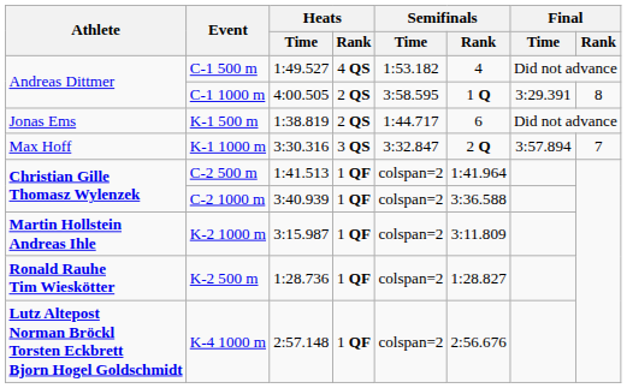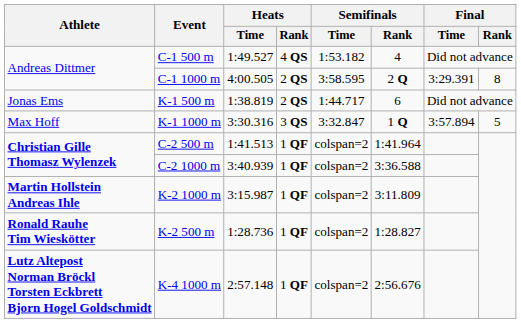 <table class="wikitable" style="font-size:90%">
 <tr>
 <th rowspan=2>Athlete</th>
 <th rowspan=2>Event</th>
 <th colspan=2>Heats</th>
 <th colspan=2>Semifinals</th>
 <th colspan=2>Final</th>
 </tr>
 <tr style="font-size:95%">
 <th>Time</th>
 <th>Rank</th>
 <th>Time</th>
 <th>Rank</th>
 <th>Time</th>
 <th>Rank</th>
 </tr>
 <tr align=center>
 <td align=left rowspan=2><a href='#'>Andreas Dittmer</a></td>
 <td align=left><a href='#'>C-1 500 m</a></td>
 <td>1:49.527</td>
 <td>4 <strong>QS</strong></td>
 <td>1:53.182</td>
 <td>4</td>
 <td colspan=2>Did not advance</td>
 </tr>
 <tr align=center>
 <td align=left><a href='#'>C-1 1000 m</a></td>
 <td>4:00.505</td>
 <td>2 <strong>QS</strong></td>
 <td>3:58.595</td>
-<td>1 <strong>Q</strong></td>
+<td>2 <strong>Q</strong></td>
 <td>3:29.391</td>
 <td>8</td>
 </tr>
 <tr align=center>
 <td align=left><a href='#'>Jonas Ems</a></td>
 <td align=left><a href='#'>K-1 500 m</a></td>
 <td>1:38.819</td>
 <td>2 <strong>QS</strong></td>
 <td>1:44.717</td>
 <td>6</td>
 <td colspan=2>Did not advance</td>
 </tr>
 <tr align=center>
 <td align=left><a href='#'>Max Hoff</a></td>
 <td align=left><a href='#'>K-1 1000 m</a></td>
 <td>3:30.316</td>
 <td>3 <strong>QS</strong></td>
 <td>3:32.847</td>
-<td>2 <strong>Q</strong></td>
+<td>1 <strong>Q</strong></td>
 <td>3:57.894</td>
-<td>7</td>
+<td>5</td>
 </tr>
 <tr align=center>
 <td align=left rowspan=2><strong><a href='#'>Christian Gille</a><br><a href='#'>Thomasz Wylenzek</a></strong></td>
 <td align=left><a href='#'>C-2 500 m</a></td>
 <td>1:41.513</td>
 <td>1 <strong>QF</strong></td>
 <td>colspan=2 </td>
 <td>1:41.964</td>
 <td></td>
 </tr>
 <tr align=center>
 <td align=left><a href='#'>C-2 1000 m</a></td>
 <td>3:40.939</td>
 <td>1 <strong>QF</strong></td>
 <td>colspan=2 </td>
 <td>3:36.588</td>
 <td></td>
 </tr>
 <tr align=center>
 <td align=left><strong><a href='#'>Martin Hollstein</a><br><a href='#'>Andreas Ihle</a></strong></td>
 <td align=left><a href='#'>K-2 1000 m</a></td>
 <td>3:15.987</td>
 <td>1 <strong>QF</strong></td>
 <td>colspan=2 </td>
 <td>3:11.809</td>
 <td></td>
 </tr>
 <tr align=center>
 <td align=left><strong><a href='#'>Ronald Rauhe</a><br><a href='#'>Tim Wieskötter</a></strong></td>
 <td align=left><a href='#'>K-2 500 m</a></td>
 <td>1:28.736</td>
 <td>1 <strong>QF</strong></td>
 <td>colspan=2 </td>
 <td>1:28.827</td>
 <td></td>
 </tr>
 <tr align=center>
 <td align=left><strong><a href='#'>Lutz Altepost</a><br><a href='#'>Norman Bröckl</a><br><a href='#'>Torsten Eckbrett</a><br><a href='#'>Bjorn Hogel Goldschmidt</a></strong></td>
 <td align=left><a href='#'>K-4 1000 m</a></td>
 <td>2:57.148</td>
 <td>1 <strong>QF</strong></td>
 <td>colspan=2 </td>
 <td>2:56.676</td>
 <td></td>
 </tr>
 </table>
